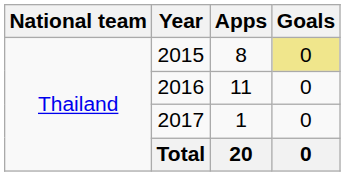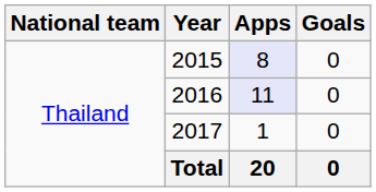 <table class="wikitable" style="text-align:center">
 <tr>
 <th>National team</th>
 <th>Year</th>
 <th>Apps</th>
 <th>Goals</th>
 </tr>
 <tr>
 <td rowspan="4" valign="center"><a href='#'>Thailand</a></td>
 <td>2015</td>
-<td>8</td>
-<td style="background: khaki;">0</td>
+<td style="background: lavender;">8</td>
+<td>0</td>
 </tr>
 <tr>
 <td>2016</td>
-<td>11</td>
+<td style="background: lavender;">11</td>
 <td>0</td>
 </tr>
 <tr>
 <td>2017</td>
 <td>1</td>
 <td>0</td>
 </tr>
 <tr>
 <th>Total</th>
 <th>20</th>
 <th>0</th>
 </tr>
 </table>
